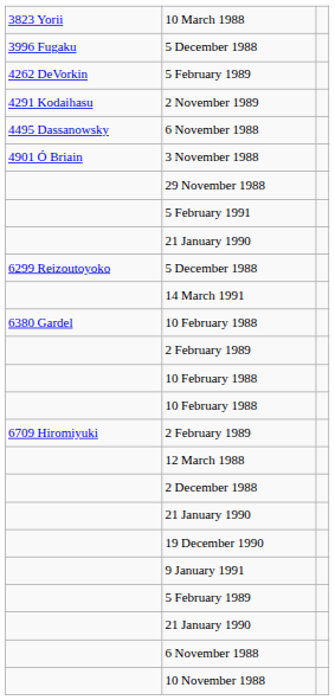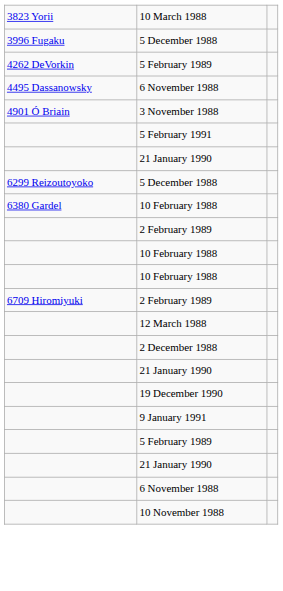 <table class="wikitable" style="font-size: 89%; float: left; width: 25em; margin-right: 1em; line-height: 1.65em !important; height: 675px;">
 <tr>
 <td><a href='#'>3823 Yorii</a></td>
 <td>10 March 1988</td>
 <td> </td>
 </tr>
 <tr>
 <td><a href='#'>3996 Fugaku</a></td>
 <td>5 December 1988</td>
 <td> </td>
 </tr>
 <tr>
 <td><a href='#'>4262 DeVorkin</a></td>
 <td>5 February 1989</td>
 <td> </td>
 </tr>
 <tr>
-<td><a href='#'>4291 Kodaihasu</a></td>
-<td>2 November 1989</td>
-<td> </td>
-</tr>
-<tr>
 <td><a href='#'>4495 Dassanowsky</a></td>
 <td>6 November 1988</td>
 <td> </td>
 </tr>
 <tr>
 <td><a href='#'>4901 Ó Briain</a></td>
 <td>3 November 1988</td>
-<td> </td>
-</tr>
-<tr>
-<td></td>
-<td>29 November 1988</td>
 <td> </td>
 </tr>
 <tr>
 <td></td>
 <td>5 February 1991</td>
 <td> </td>
 </tr>
 <tr>
 <td></td>
 <td>21 January 1990</td>
 <td> </td>
 </tr>
 <tr>
 <td><a href='#'>6299 Reizoutoyoko</a></td>
 <td>5 December 1988</td>
-<td> </td>
-</tr>
-<tr>
-<td></td>
-<td>14 March 1991</td>
 <td> </td>
 </tr>
 <tr>
 <td><a href='#'>6380 Gardel</a></td>
 <td>10 February 1988</td>
 <td> </td>
 </tr>
 <tr>
 <td></td>
 <td>2 February 1989</td>
 <td> </td>
 </tr>
 <tr>
 <td></td>
 <td>10 February 1988</td>
 <td> </td>
 </tr>
 <tr>
 <td></td>
 <td>10 February 1988</td>
 <td> </td>
 </tr>
 <tr>
 <td><a href='#'>6709 Hiromiyuki</a></td>
 <td>2 February 1989</td>
 <td> </td>
 </tr>
 <tr>
 <td></td>
 <td>12 March 1988</td>
 <td> </td>
 </tr>
 <tr>
 <td></td>
 <td>2 December 1988</td>
 <td> </td>
 </tr>
 <tr>
 <td></td>
 <td>21 January 1990</td>
 <td> </td>
 </tr>
 <tr>
 <td></td>
 <td>19 December 1990</td>
 <td> </td>
 </tr>
 <tr>
 <td></td>
 <td>9 January 1991</td>
 <td> </td>
 </tr>
 <tr>
 <td></td>
 <td>5 February 1989</td>
 <td> </td>
 </tr>
 <tr>
 <td></td>
 <td>21 January 1990</td>
 <td> </td>
 </tr>
 <tr>
 <td></td>
 <td>6 November 1988</td>
 <td> </td>
 </tr>
 <tr>
 <td></td>
 <td>10 November 1988</td>
 <td> </td>
 </tr>
 </table>
